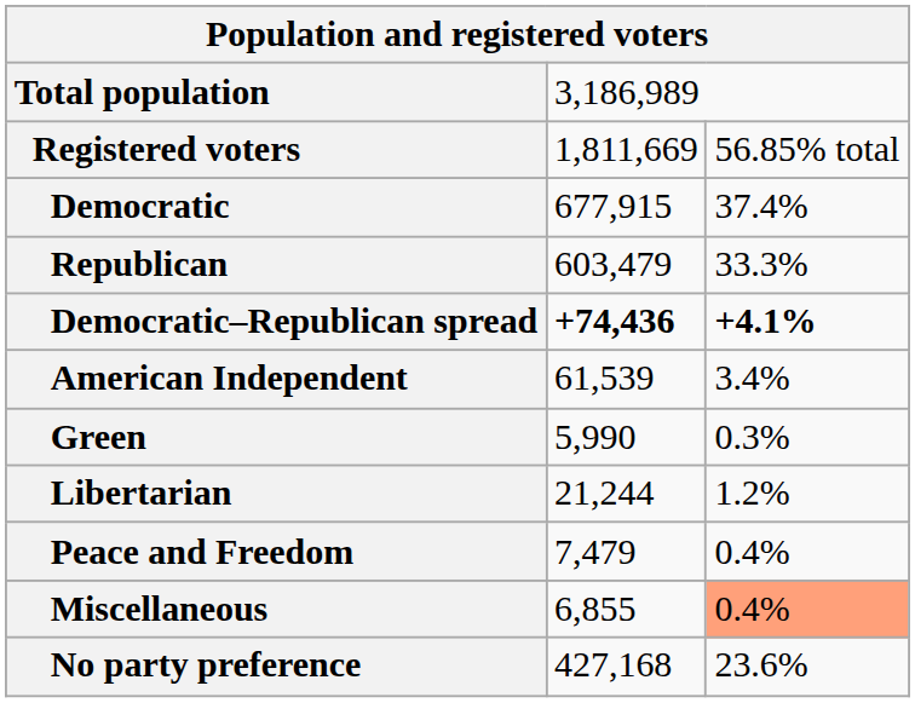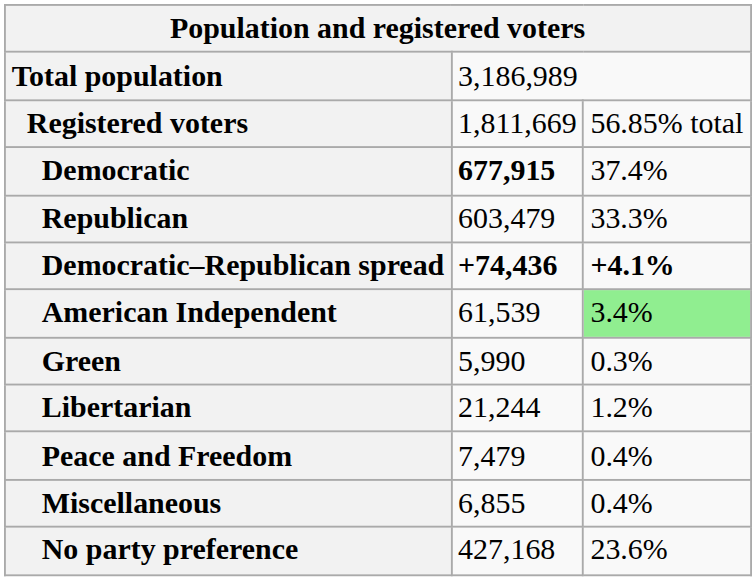 <table class="wikitable collapsible collapsed">
 <tr>
 <th colspan="3">Population and registered voters</th>
 </tr>
 <tr>
 <th scope="row" style="text-align: left;">Total population</th>
 <td colspan="2">3,186,989</td>
 </tr>
 <tr>
 <th scope="row" style="text-align: left;">  Registered voters</th>
 <td>1,811,669</td>
 <td>56.85% total</td>
 </tr>
 <tr>
 <th scope="row" style="text-align: left;">    Democratic</th>
-<td>677,915</td>
+<td><strong>677,915</strong></td>
 <td>37.4%</td>
 </tr>
 <tr>
 <th scope="row" style="text-align: left;">    Republican</th>
 <td>603,479</td>
 <td>33.3%</td>
 </tr>
 <tr>
 <th scope="row" style="text-align: left;">    Democratic–Republican spread</th>
 <td><span><strong>+74,436</strong> </span></td>
 <td><span><strong>+4.1%</strong></span></td>
 </tr>
 <tr>
 <th scope="row" style="text-align: left;">    American Independent</th>
 <td>61,539</td>
-<td>3.4%</td>
+<td style="background: lightgreen;">3.4%</td>
 </tr>
 <tr>
 <th scope="row" style="text-align: left;">    Green</th>
 <td>5,990</td>
 <td>0.3%</td>
 </tr>
 <tr>
 <th scope="row" style="text-align: left;">    Libertarian</th>
 <td>21,244</td>
 <td>1.2%</td>
 </tr>
 <tr>
 <th scope="row" style="text-align: left;">    Peace and Freedom</th>
 <td>7,479</td>
 <td>0.4%</td>
 </tr>
 <tr>
 <th scope="row" style="text-align: left;">    Miscellaneous</th>
 <td>6,855</td>
-<td style="background: lightsalmon;">0.4%</td>
+<td>0.4%</td>
 </tr>
 <tr>
 <th scope="row" style="text-align: left;">    No party preference</th>
 <td>427,168</td>
 <td>23.6%</td>
 </tr>
 </table>
